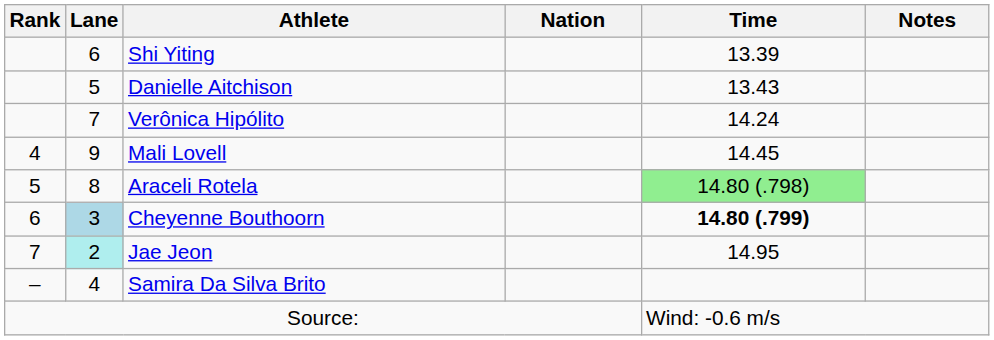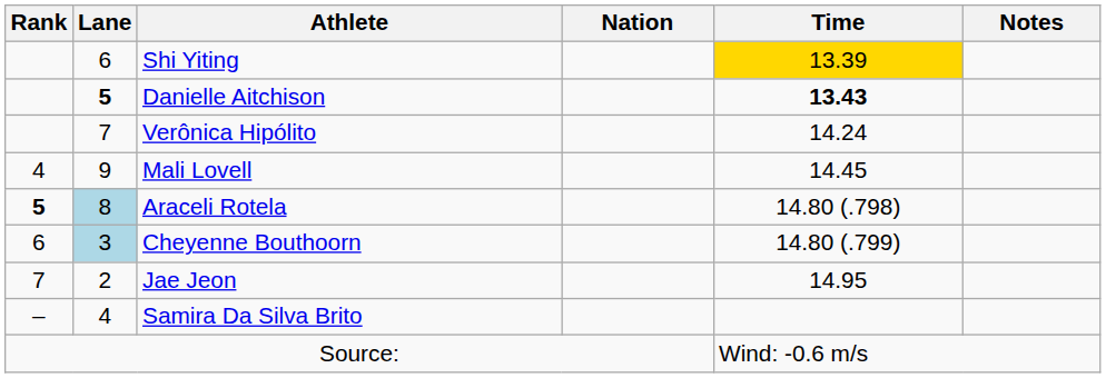 <table class="wikitable sortable" style="text-align:center;width: 60%;">
 <tr>
 <th scope="col" style="width: 10px;">Rank</th>
 <th scope="col" style="width: 10px;">Lane</th>
 <th scope="col">Athlete</th>
 <th scope="col">Nation</th>
 <th scope="col">Time</th>
 <th scope="col">Notes</th>
 </tr>
 <tr>
 <td></td>
 <td>6</td>
 <td align=left><a href='#'>Shi Yiting</a></td>
 <td align=left></td>
-<td>13.39</td>
+<td style="background: gold;">13.39</td>
 <td></td>
 </tr>
 <tr>
 <td></td>
-<td>5</td>
+<td><strong>5</strong></td>
 <td align=left><a href='#'>Danielle Aitchison</a></td>
 <td align=left></td>
-<td>13.43</td>
+<td><strong>13.43</strong></td>
 <td></td>
 </tr>
 <tr>
 <td></td>
 <td>7</td>
 <td align=left><a href='#'>Verônica Hipólito</a></td>
 <td align=left></td>
 <td>14.24</td>
 <td></td>
 </tr>
 <tr>
 <td>4</td>
 <td>9</td>
 <td align=left><a href='#'>Mali Lovell</a></td>
 <td align=left></td>
 <td>14.45</td>
 <td></td>
 </tr>
 <tr>
-<td>5</td>
-<td>8</td>
+<td><strong>5</strong></td>
+<td style="background: lightblue;">8</td>
 <td align=left><a href='#'>Araceli Rotela</a></td>
 <td align=left></td>
-<td style="background: lightgreen;">14.80 (.798)</td>
+<td>14.80 (.798)</td>
 <td></td>
 </tr>
 <tr>
 <td>6</td>
 <td style="background: lightblue;">3</td>
 <td align=left><a href='#'>Cheyenne Bouthoorn</a></td>
 <td align=left></td>
-<td><strong>14.80 (.799)</strong></td>
+<td>14.80 (.799)</td>
 <td></td>
 </tr>
 <tr>
 <td>7</td>
-<td style="background: paleturquoise;">2</td>
+<td>2</td>
 <td align=left><a href='#'>Jae Jeon</a></td>
 <td align=left></td>
 <td>14.95</td>
 <td></td>
 </tr>
 <tr>
 <td>–</td>
 <td>4</td>
 <td align=left><a href='#'>Samira Da Silva Brito</a></td>
 <td align=left></td>
 <td></td>
 <td></td>
 </tr>
 <tr class="sortbottom">
 <td colspan="4">Source:</td>
 <td colspan="2" style="text-align:left;">Wind: -0.6 m/s</td>
 </tr>
 </table>
